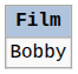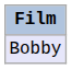 <table class="wikitable" style="font-size: 90%;">
 <tr>
 <th style="background:#B0C4DE;">Film</th>
 </tr>
 <tr>
-<td>Bobby</td>
+<td style="background: lavender;">Bobby</td>
 </tr>
 </table>
